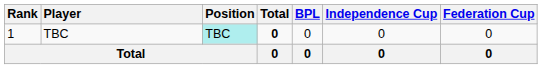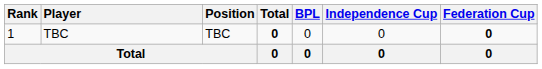 <table class="wikitable">
 <tr>
 <th>Rank</th>
 <th style="width:200px;text-align:left">Player</th>
 <th>Position</th>
 <th>Total</th>
 <th><a href='#'>BPL</a></th>
 <th><a href='#'>Independence Cup</a></th>
 <th><a href='#'>Federation Cup</a></th>
 </tr>
 <tr>
 <td>1</td>
 <td>TBC</td>
-<td style="background: paleturquoise;">TBC</td>
+<td>TBC</td>
 <td align="center"><strong>0</strong></td>
 <td align="center">0</td>
 <td align="center">0</td>
-<td align="center">0</td>
+<td align="center"><strong>0</strong></td>
 </tr>
 <tr>
 <th colspan="3" align="center">Total</th>
 <th align="center">0</th>
 <th align="center">0</th>
 <th align="center">0</th>
 <th align="center">0</th>
 </tr>
 </table>
